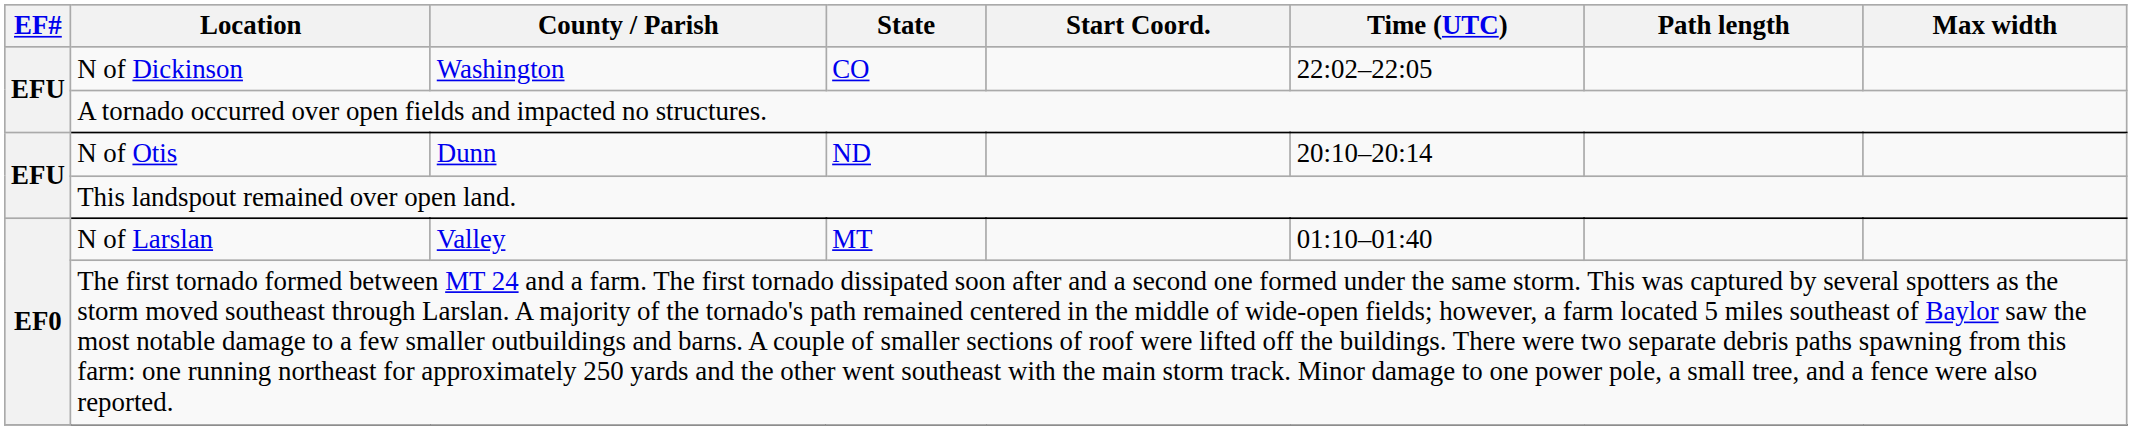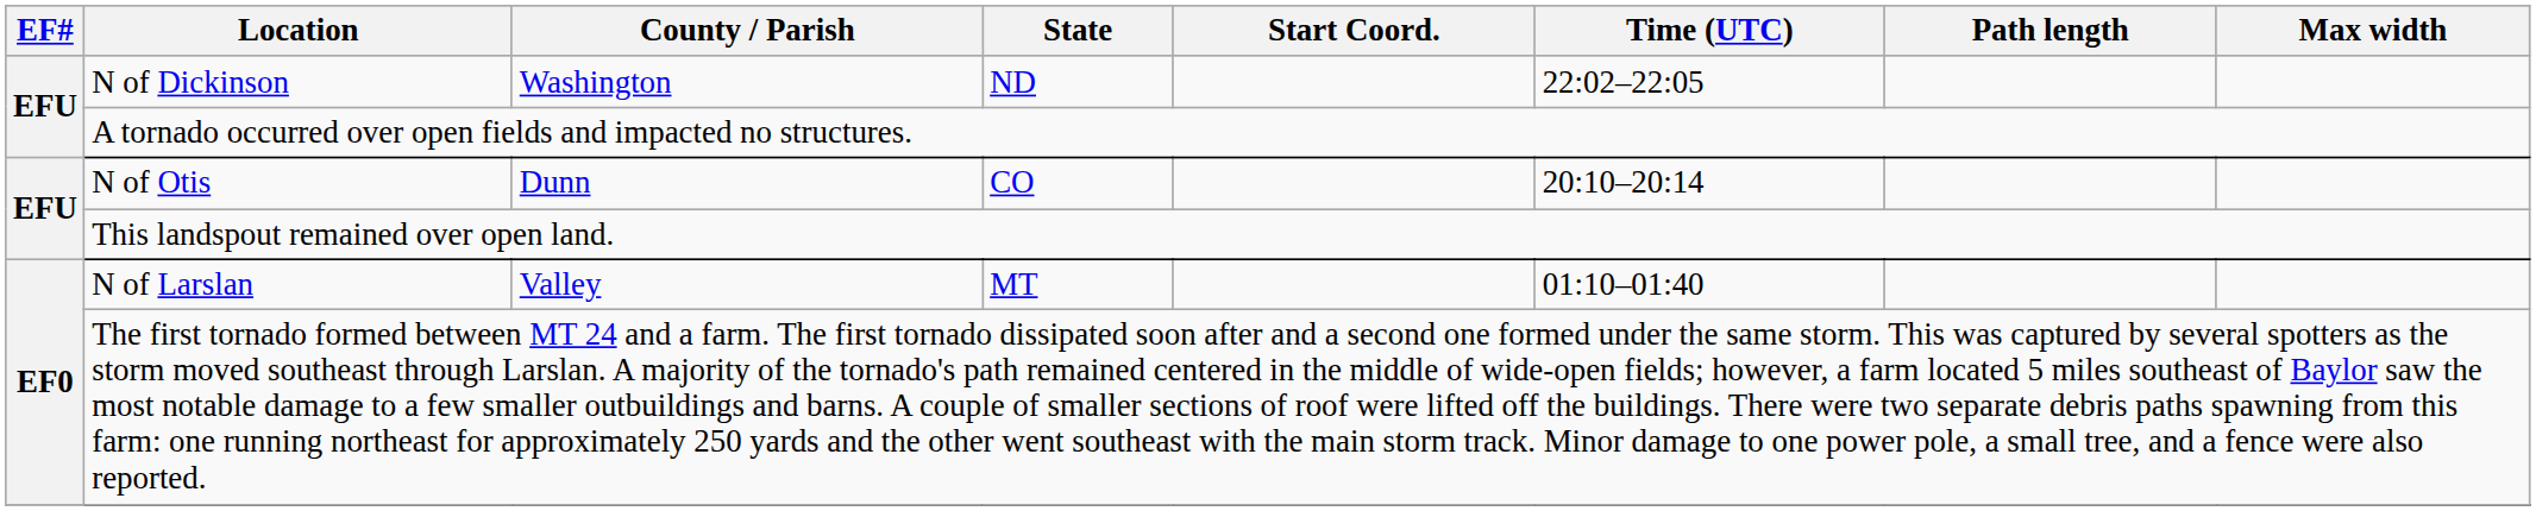 <table class="wikitable sortable" style="width:100%;">
 <tr>
 <th scope="col" width="2%" align="center"><a href='#'>EF#</a></th>
 <th scope="col" align="center" class="unsortable">Location</th>
 <th scope="col" align="center" class="unsortable">County / Parish</th>
 <th scope="col" align="center">State</th>
 <th scope="col" align="center">Start Coord.</th>
 <th scope="col" align="center">Time (<a href='#'>UTC</a>)</th>
 <th scope="col" align="center">Path length</th>
 <th scope="col" align="center">Max width</th>
 </tr>
 <tr>
 <th scope="row" rowspan="2" style="background-color:#">EFU</th>
 <td>N of <a href='#'>Dickinson</a></td>
 <td><a href='#'>Washington</a></td>
-<td><a href='#'>CO</a></td>
+<td><a href='#'>ND</a></td>
 <td></td>
 <td>22:02–22:05</td>
 <td></td>
 <td></td>
 </tr>
 <tr class="expand-child">
 <td colspan="8" style=" border-bottom: 1px solid black;">A tornado occurred over open fields and impacted no structures.</td>
 </tr>
 <tr>
 <th scope="row" rowspan="2" style="background-color:#">EFU</th>
 <td>N of <a href='#'>Otis</a></td>
 <td><a href='#'>Dunn</a></td>
-<td><a href='#'>ND</a></td>
+<td><a href='#'>CO</a></td>
 <td></td>
 <td>20:10–20:14</td>
 <td></td>
 <td></td>
 </tr>
 <tr class="expand-child">
 <td colspan="8" style=" border-bottom: 1px solid black;">This landspout remained over open land.</td>
 </tr>
 <tr>
 <th scope="row" rowspan="2" style="background-color:#">EF0</th>
 <td>N of <a href='#'>Larslan</a></td>
 <td><a href='#'>Valley</a></td>
 <td><a href='#'>MT</a></td>
 <td></td>
 <td>01:10–01:40</td>
 <td></td>
 <td></td>
 </tr>
 <tr class="expand-child">
 <td colspan="8" style=" border-bottom: 1px solid black;">The first tornado formed between <a href='#'>MT 24</a> and a farm. The first tornado dissipated soon after and a second one formed under the same storm. This was captured by several spotters as the storm moved southeast through Larslan. A majority of the tornado's path remained centered in the middle of wide-open fields; however, a farm located 5 miles southeast of <a href='#'>Baylor</a> saw the most notable damage to a few smaller outbuildings and barns. A couple of smaller sections of roof were lifted off the buildings. There were two separate debris paths spawning from this farm: one running northeast for approximately 250 yards and the other went southeast with the main storm track. Minor damage to one power pole, a small tree, and a fence were also reported.</td>
 </tr>
 <tr>
 </tr>
 </table>
